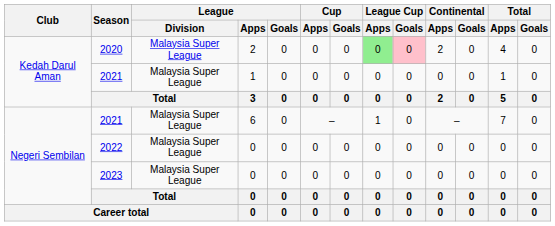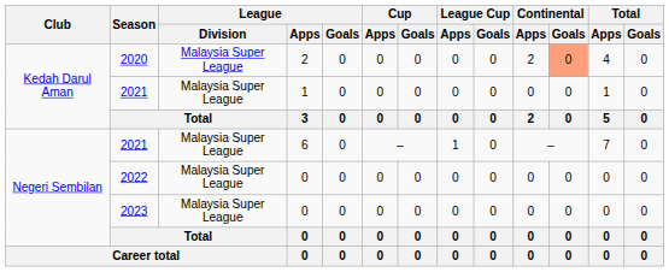 <table class="wikitable" style="text-align: center;">
 <tr>
 <th rowspan="2">Club</th>
 <th rowspan="2">Season</th>
 <th colspan="3">League</th>
 <th colspan="2">Cup</th>
 <th colspan="2">League Cup</th>
 <th colspan="2">Continental</th>
 <th colspan="2">Total</th>
 </tr>
 <tr>
 <th>Division</th>
 <th>Apps</th>
 <th>Goals</th>
 <th>Apps</th>
 <th>Goals</th>
 <th>Apps</th>
 <th>Goals</th>
 <th>Apps</th>
 <th>Goals</th>
 <th>Apps</th>
 <th>Goals</th>
 </tr>
 <tr>
 <td rowspan="3" valign="center"><a href='#'>Kedah Darul Aman</a></td>
 <td><a href='#'>2020</a></td>
 <td><a href='#'>Malaysia Super League</a></td>
 <td>2</td>
 <td>0</td>
 <td>0</td>
 <td>0</td>
-<td style="background: lightgreen;">0</td>
-<td style="background: pink;">0</td>
+<td>0</td>
+<td>0</td>
 <td>2</td>
-<td>0</td>
+<td style="background: lightsalmon;">0</td>
 <td>4</td>
 <td>0</td>
 </tr>
 <tr>
 <td><a href='#'>2021</a></td>
 <td>Malaysia Super League</td>
 <td>1</td>
 <td>0</td>
 <td>0</td>
 <td>0</td>
 <td>0</td>
 <td>0</td>
 <td>0</td>
 <td>0</td>
 <td>1</td>
 <td>0</td>
 </tr>
 <tr>
 <th colspan="2">Total</th>
 <th>3</th>
 <th>0</th>
 <th>0</th>
 <th>0</th>
 <th>0</th>
 <th>0</th>
 <th>2</th>
 <th>0</th>
 <th>5</th>
 <th>0</th>
 </tr>
 <tr>
 <td rowspan="4" valign="center"><a href='#'>Negeri Sembilan</a></td>
 <td><a href='#'>2021</a></td>
 <td>Malaysia Super League</td>
 <td>6</td>
 <td>0</td>
 <td colspan=2>–</td>
 <td>1</td>
 <td>0</td>
 <td colspan=2>–</td>
 <td>7</td>
 <td>0</td>
 </tr>
 <tr>
 <td><a href='#'>2022</a></td>
 <td>Malaysia Super League</td>
 <td>0</td>
 <td>0</td>
 <td>0</td>
 <td>0</td>
 <td>0</td>
 <td>0</td>
 <td>0</td>
 <td>0</td>
 <td>0</td>
 <td>0</td>
 </tr>
 <tr>
 <td><a href='#'>2023</a></td>
 <td>Malaysia Super League</td>
 <td>0</td>
 <td>0</td>
 <td>0</td>
 <td>0</td>
 <td>0</td>
 <td>0</td>
 <td>0</td>
 <td>0</td>
 <td>0</td>
 <td>0</td>
 </tr>
 <tr>
 <th colspan="2">Total</th>
 <th>0</th>
 <th>0</th>
 <th>0</th>
 <th>0</th>
 <th>0</th>
 <th>0</th>
 <th>0</th>
 <th>0</th>
 <th>0</th>
 <th>0</th>
 </tr>
 <tr>
 <th colspan="3">Career total</th>
 <th>0</th>
 <th>0</th>
 <th>0</th>
 <th>0</th>
 <th>0</th>
 <th>0</th>
 <th>0</th>
 <th>0</th>
 <th>0</th>
 <th>0</th>
 </tr>
 </table>
